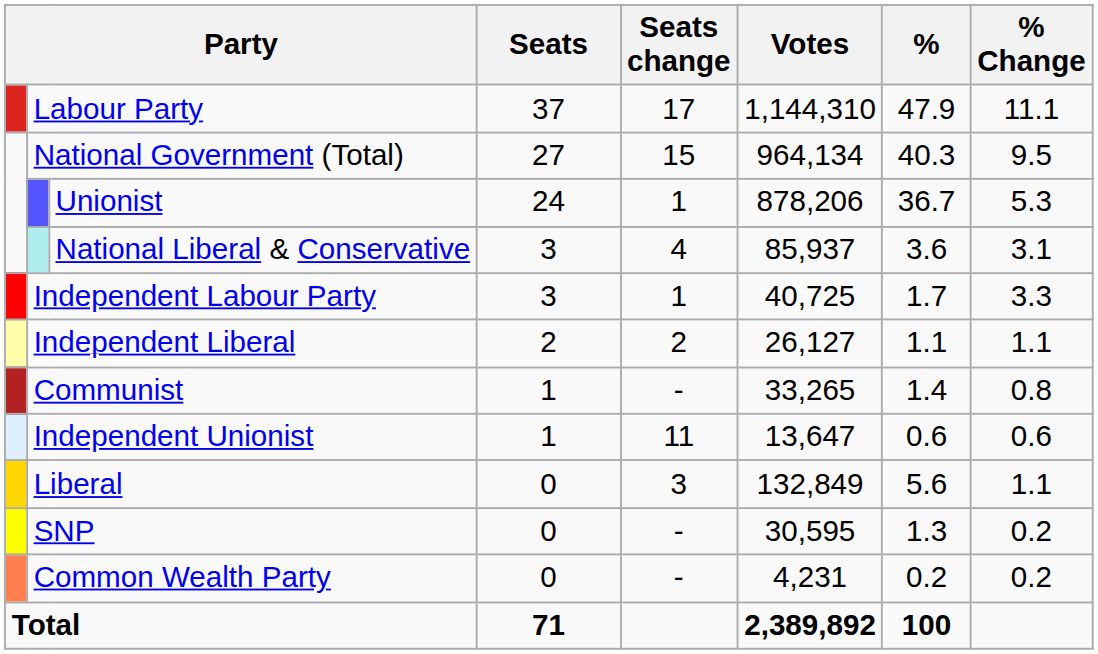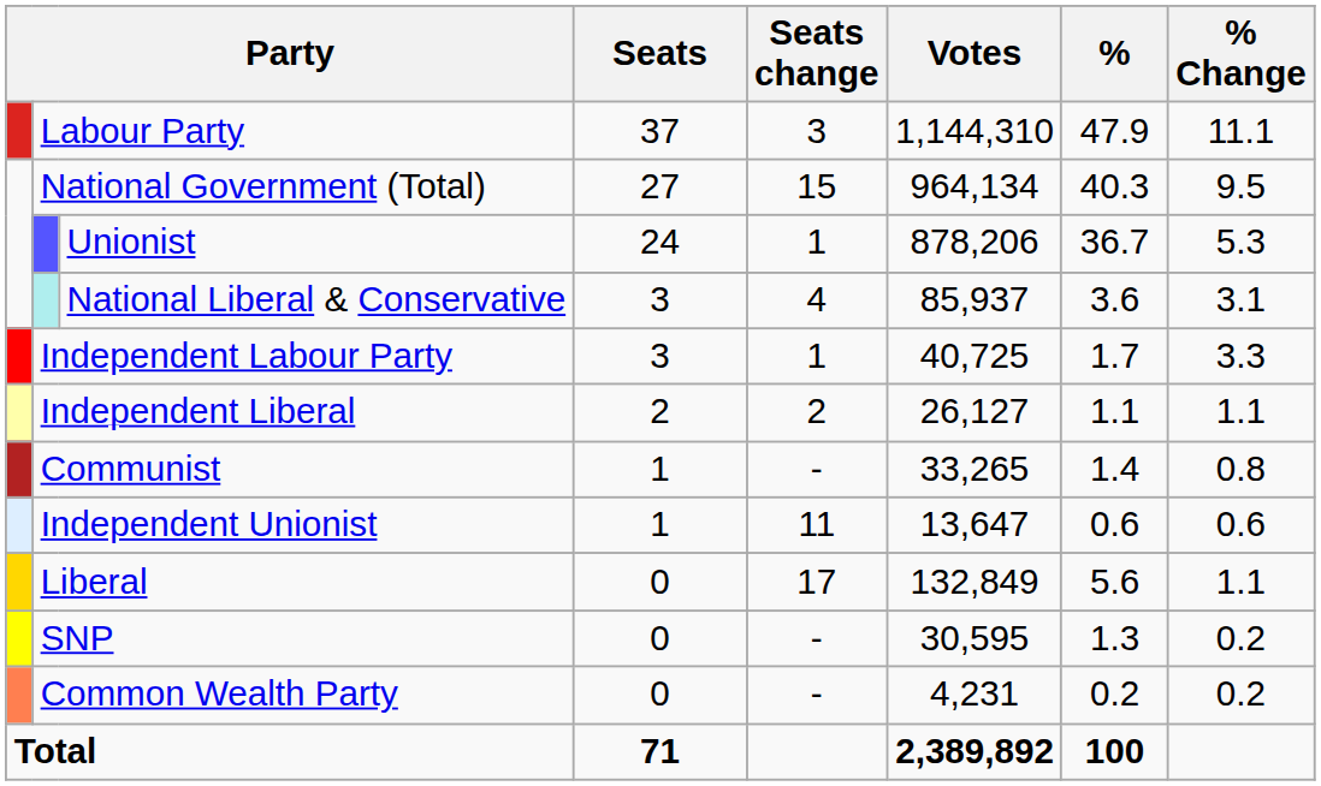 <table class="wikitable sortable">
 <tr>
 <th style="width:200px" colspan=3>Party</th>
 <th style="width:70px;">Seats</th>
 <th style="width:40px;">Seats change</th>
 <th style="width:40px;">Votes</th>
 <th style="width:40px;">%</th>
 <th style="width:40px;">% Change</th>
 </tr>
 <tr>
 <td style="background-color:#DC241f"> </td>
 <td colspan=2><a href='#'>Labour Party</a></td>
 <td align=center>37</td>
-<td align=center> 17</td>
+<td align=center> 3</td>
 <td align=center>1,144,310</td>
 <td align=center>47.9</td>
 <td align=center> 11.1</td>
 </tr>
 <tr>
 <td rowspan= 3> </td>
 <td colspan=2><a href='#'>National Government</a> (Total)</td>
 <td align=center>27</td>
 <td align=center>15</td>
 <td align=center>964,134</td>
 <td align=center>40.3</td>
 <td align=center> 9.5</td>
 </tr>
 <tr>
 <td style="background-color:#5555FF"> </td>
 <td><a href='#'>Unionist</a></td>
 <td align="center">24</td>
 <td align="center"> 1</td>
 <td align="center">878,206</td>
 <td align="center">36.7</td>
 <td align="center"> 5.3</td>
 </tr>
 <tr>
 <td style="background-color:#AFEEEE"> </td>
 <td><a href='#'>National Liberal</a> & <a href='#'>Conservative</a></td>
 <td align="center">3</td>
 <td align="center"> 4</td>
 <td align="center">85,937</td>
 <td align="center">3.6</td>
 <td align="center"> 3.1</td>
 </tr>
 <tr>
 <td style="background-color:#FF0000"> </td>
 <td colspan=2><a href='#'>Independent Labour Party</a></td>
 <td align="center">3</td>
 <td align="center"> 1</td>
 <td align="center">40,725</td>
 <td align="center">1.7</td>
 <td align="center"> 3.3</td>
 </tr>
 <tr>
 <td style="background-color:#FFFFAA"> </td>
 <td colspan=2><a href='#'>Independent Liberal</a></td>
 <td align="center">2</td>
 <td align="center"> 2</td>
 <td align="center">26,127</td>
 <td align="center">1.1</td>
 <td align="center"> 1.1</td>
 </tr>
 <tr>
 <td style="background-color:#B22222"> </td>
 <td colspan=2><a href='#'>Communist</a></td>
 <td align=center>1</td>
 <td align=center>-</td>
 <td align=center>33,265</td>
 <td align=center>1.4</td>
 <td align=center> 0.8</td>
 </tr>
 <tr>
 <td style="background-color:#DDEEFF"> </td>
 <td colspan=2><a href='#'>Independent Unionist</a></td>
 <td align="center">1</td>
 <td align="center"> 11</td>
 <td align="center">13,647</td>
 <td align="center">0.6</td>
 <td align="center"> 0.6</td>
 </tr>
 <tr>
 <td style="background-color:#FFD700"> </td>
 <td colspan=2><a href='#'>Liberal</a></td>
 <td align=center>0</td>
-<td align=center> 3</td>
+<td align=center> 17</td>
 <td align=center>132,849</td>
 <td align=center>5.6</td>
 <td align=center> 1.1</td>
 </tr>
 <tr>
 <td style="background-color:#FFFF00"> </td>
 <td colspan=2><a href='#'>SNP</a></td>
 <td align=center>0</td>
 <td align=center>-</td>
 <td align=center>30,595</td>
 <td align=center>1.3</td>
 <td align=center> 0.2</td>
 </tr>
 <tr>
 <td style="background-color:#FF7F50"> </td>
 <td colspan=2><a href='#'>Common Wealth Party</a></td>
 <td align="center">0</td>
 <td align="center">-</td>
 <td align="center">4,231</td>
 <td align="center">0.2</td>
 <td align="center"> 0.2</td>
 </tr>
 <tr>
 <td colspan=3><strong>Total</strong></td>
 <td align=center><strong>71</strong></td>
 <td align=center></td>
 <td align=center><strong>2,389,892</strong></td>
 <td align=center><strong>100</strong></td>
 <td align=center></td>
 </tr>
 </table>
